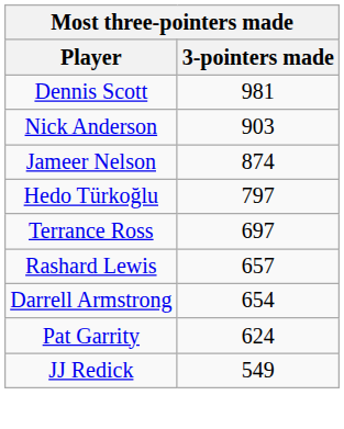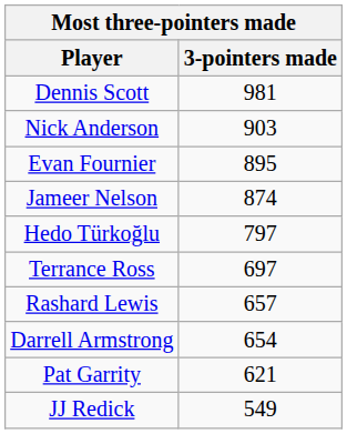 <table class="wikitable sortable" style="text-align:center">
 <tr>
 <th colspan="2" style="text-align:center; ">Most three-pointers made</th>
 </tr>
 <tr>
 <th style="text-align:center; ">Player</th>
 <th style="text-align:center; ">3-pointers made</th>
 </tr>
 <tr>
 <td><a href='#'>Dennis Scott</a></td>
 <td>981</td>
 </tr>
 <tr>
 <td><a href='#'>Nick Anderson</a></td>
 <td>903</td>
+</tr>
+<tr>
+<td><a href='#'>Evan Fournier</a></td>
+<td>895</td>
 </tr>
 <tr>
 <td><a href='#'>Jameer Nelson</a></td>
 <td>874</td>
 </tr>
 <tr>
 <td><a href='#'>Hedo Türkoğlu</a></td>
 <td>797</td>
 </tr>
 <tr>
 <td><a href='#'>Terrance Ross</a></td>
 <td>697</td>
 </tr>
 <tr>
 <td><a href='#'>Rashard Lewis</a></td>
 <td>657</td>
 </tr>
 <tr>
 <td><a href='#'>Darrell Armstrong</a></td>
 <td>654</td>
 </tr>
 <tr>
 <td><a href='#'>Pat Garrity</a></td>
-<td>624</td>
+<td>621</td>
 </tr>
 <tr>
 <td><a href='#'>JJ Redick</a></td>
 <td>549</td>
 </tr>
 </table>
